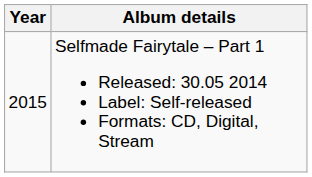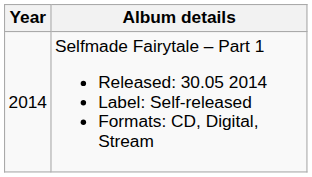 <table class="wikitable" style="text-align:center;">
 <tr>
 <th>Year</th>
 <th style="width:230px;">Album details</th>
 </tr>
 <tr>
-<td>2015</td>
+<td>2014</td>
 <td style="text-align:left;">Selfmade Fairytale – Part 1<br><ul><li>Released: 30.05 2014</li><li>Label: Self-released</li><li>Formats: CD, Digital, Stream</li></ul></td>
 </tr>
 </table>
